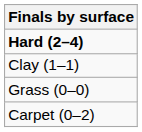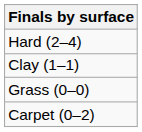 <table class="wikitable" style="font-size:90%">
 <tr bgcolor="#eeeeee">
 <th>Finals by surface</th>
 </tr>
 <tr>
-<td><strong>Hard (2–4)</strong></td>
+<td>Hard (2–4)</td>
 </tr>
 <tr>
 <td>Clay (1–1)</td>
 </tr>
 <tr>
 <td>Grass (0–0)</td>
 </tr>
 <tr>
 <td>Carpet (0–2)</td>
 </tr>
 </table>
